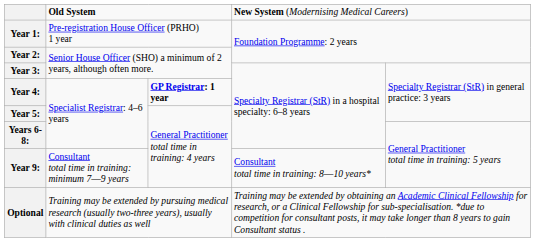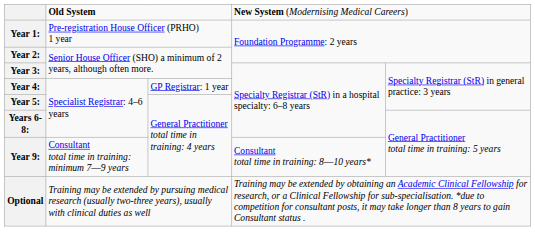 <table class="wikitable" style="width: 55em; text-align: left; font-size: 95%;">
 <tr>
 <th></th>
 <td colspan="2"><strong>Old System</strong></td>
 <td colspan="2"><strong>New System</strong> (<em>Modernising Medical Careers</em>)</td>
 </tr>
 <tr>
 <th>Year 1:</th>
 <td colspan="2"><a href='#'>Pre-registration House Officer</a> (PRHO)<br>1 year</td>
 <td colspan="2" rowspan="2"><a href='#'>Foundation Programme</a>: 2 years</td>
 </tr>
 <tr>
 <th>Year 2:</th>
 <td colspan="2" rowspan="2"><a href='#'>Senior House Officer</a> (SHO) a minimum of 2 years, although often more.</td>
 </tr>
 <tr>
 <th>Year 3:</th>
 <td rowspan="4"><a href='#'>Specialty Registrar (StR)</a> in a hospital specialty: 6–8 years</td>
 <td rowspan="3"><a href='#'>Specialty Registrar (StR)</a> in general practice: 3 years</td>
 </tr>
 <tr>
 <th>Year 4:</th>
 <td rowspan="3"><a href='#'>Specialist Registrar</a>:       4–6 years</td>
-<td><strong><a href='#'>GP Registrar</a>:     1 year</strong></td>
+<td><a href='#'>GP Registrar</a>:     1 year</td>
 </tr>
 <tr>
 <th>Year 5:</th>
 <td rowspan="3"><a href='#'>General Practitioner</a><br><em>total time in training: 4 years</em></td>
 </tr>
 <tr>
 <th>Years 6-8:</th>
 <td rowspan="2"><a href='#'>General Practitioner</a><br><em>total time in training: 5 years</em></td>
 </tr>
 <tr>
 <th>Year 9:</th>
 <td><a href='#'>Consultant</a><br><em>total time in training: minimum 7</em>—<em>9 years</em></td>
 <td><a href='#'>Consultant</a><br><em>total time in training: 8</em>—<em>10 years*</em></td>
 </tr>
 <tr>
 <th>Optional</th>
 <td colspan="2"><em>Training may be extended by pursuing medical research (usually two-three years), usually with clinical duties as well</em></td>
 <td colspan="2"><em>Training may be extended by obtaining an <a href='#'>Academic Clinical Fellowship</a> for research, or a Clinical Fellowship for sub-specialisation. *due to competition for consultant posts, it may take longer than 8 years to gain Consultant status .</em></td>
 </tr>
 </table>
